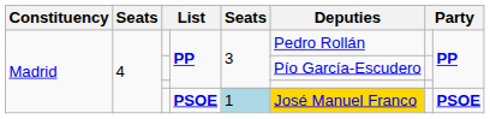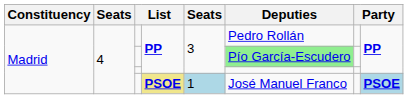 <table class="wikitable sortable">
 <tr>
 <th>Constituency</th>
 <th>Seats</th>
 <th colspan="2">List</th>
 <th>Seats</th>
 <th>Deputies</th>
 <th colspan="2">Party</th>
 </tr>
 <tr>
 <td rowspan="4"><a href='#'>Madrid</a></td>
 <td rowspan="4">4</td>
 <td></td>
 <td rowspan="3"><strong><a href='#'>PP</a></strong></td>
 <td rowspan="3">3</td>
 <td><a href='#'>Pedro Rollán</a></td>
 <td></td>
 <td rowspan="3"><strong><a href='#'>PP</a></strong></td>
 </tr>
 <tr>
 <td></td>
-<td><a href='#'>Pío García-Escudero</a></td>
+<td style="background: lightgreen;"><a href='#'>Pío García-Escudero</a></td>
 <td></td>
 </tr>
 <tr>
 <td></td>
 <td></td>
 <td></td>
 </tr>
 <tr>
 <td width="1"></td>
-<td><strong><a href='#'>PSOE</a></strong></td>
+<td style="background: khaki;"><strong><a href='#'>PSOE</a></strong></td>
 <td style="background: lightblue;">1</td>
-<td style="background: gold;"><a href='#'>José Manuel Franco</a></td>
+<td><a href='#'>José Manuel Franco</a></td>
 <td width="1"></td>
-<td><strong><a href='#'>PSOE</a></strong></td>
+<td style="background: lightblue;"><strong><a href='#'>PSOE</a></strong></td>
 </tr>
 </table>
